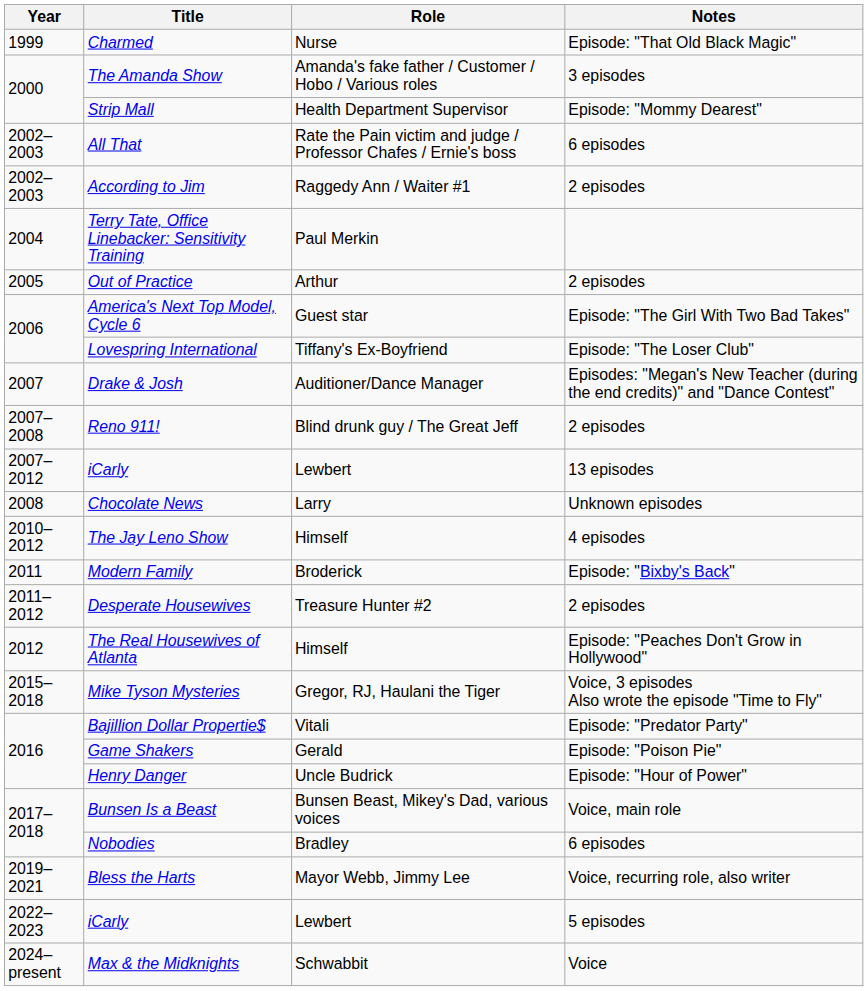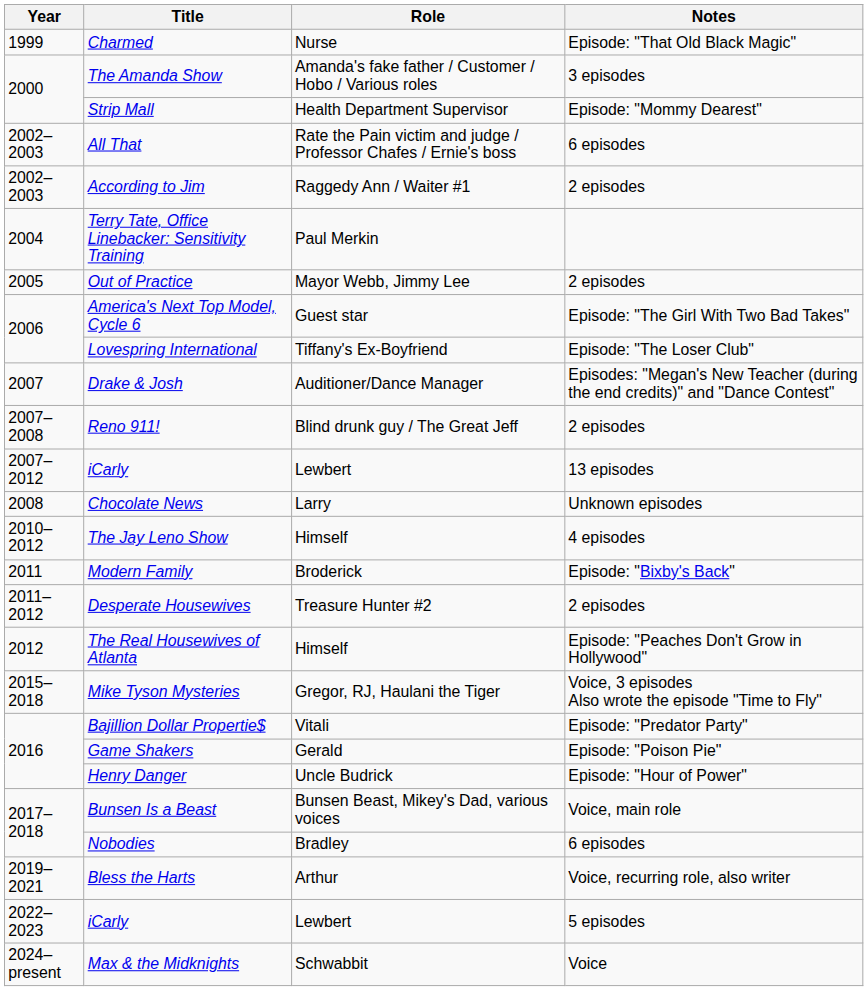 <table class="wikitable">
 <tr>
 <th>Year</th>
 <th>Title</th>
 <th>Role</th>
 <th>Notes</th>
 </tr>
 <tr>
 <td>1999</td>
 <td><em><a href='#'>Charmed</a></em></td>
 <td>Nurse</td>
 <td>Episode: "That Old Black Magic"</td>
 </tr>
 <tr>
 <td rowspan="2">2000</td>
 <td><em><a href='#'>The Amanda Show</a></em></td>
 <td>Amanda's fake father / Customer / Hobo / Various roles</td>
 <td>3 episodes</td>
 </tr>
 <tr>
 <td><em><a href='#'>Strip Mall</a></em></td>
 <td>Health Department Supervisor</td>
 <td>Episode: "Mommy Dearest"</td>
 </tr>
 <tr>
 <td>2002–2003</td>
 <td><em><a href='#'>All That</a></em></td>
 <td>Rate the Pain victim and judge / Professor Chafes / Ernie's boss</td>
 <td>6 episodes</td>
 </tr>
 <tr>
 <td>2002–2003</td>
 <td><em><a href='#'>According to Jim</a></em></td>
 <td>Raggedy Ann / Waiter #1</td>
 <td>2 episodes</td>
 </tr>
 <tr>
 <td>2004</td>
 <td><em><a href='#'>Terry Tate, Office Linebacker: Sensitivity Training</a></em></td>
 <td>Paul Merkin</td>
 <td></td>
 </tr>
 <tr>
 <td>2005</td>
 <td><em><a href='#'>Out of Practice</a></em></td>
-<td>Arthur</td>
+<td>Mayor Webb, Jimmy Lee</td>
 <td>2 episodes</td>
 </tr>
 <tr>
 <td rowspan="2">2006</td>
 <td><em><a href='#'>America's Next Top Model, Cycle 6</a></em></td>
 <td>Guest star</td>
 <td>Episode: "The Girl With Two Bad Takes"</td>
 </tr>
 <tr>
 <td><em><a href='#'>Lovespring International</a></em></td>
 <td>Tiffany's Ex-Boyfriend</td>
 <td>Episode: "The Loser Club"</td>
 </tr>
 <tr>
 <td>2007</td>
 <td><em><a href='#'>Drake & Josh</a></em></td>
 <td>Auditioner/Dance Manager</td>
 <td>Episodes: "Megan's New Teacher (during the end credits)" and "Dance Contest"</td>
 </tr>
 <tr>
 <td>2007–2008</td>
 <td><em><a href='#'>Reno 911!</a></em></td>
 <td>Blind drunk guy / The Great Jeff</td>
 <td>2 episodes</td>
 </tr>
 <tr>
 <td>2007–2012</td>
 <td><em><a href='#'>iCarly</a></em></td>
 <td>Lewbert</td>
 <td>13 episodes</td>
 </tr>
 <tr>
 <td>2008</td>
 <td><em><a href='#'>Chocolate News</a></em></td>
 <td>Larry</td>
 <td>Unknown episodes</td>
 </tr>
 <tr>
 <td>2010–2012</td>
 <td><em><a href='#'>The Jay Leno Show</a></em></td>
 <td>Himself</td>
 <td>4 episodes</td>
 </tr>
 <tr>
 <td>2011</td>
 <td><em><a href='#'>Modern Family</a></em></td>
 <td>Broderick</td>
 <td>Episode: "<a href='#'>Bixby's Back</a>"</td>
 </tr>
 <tr>
 <td>2011–2012</td>
 <td><em><a href='#'>Desperate Housewives</a></em></td>
 <td>Treasure Hunter #2</td>
 <td>2 episodes</td>
 </tr>
 <tr>
 <td>2012</td>
 <td><em><a href='#'>The Real Housewives of Atlanta</a></em></td>
 <td>Himself</td>
 <td>Episode: "Peaches Don't Grow in Hollywood"</td>
 </tr>
 <tr>
 <td>2015–2018</td>
 <td><em><a href='#'>Mike Tyson Mysteries</a></em></td>
 <td>Gregor, RJ, Haulani the Tiger</td>
 <td>Voice, 3 episodes<br>Also wrote the episode "Time to Fly"</td>
 </tr>
 <tr>
 <td rowspan="3">2016</td>
 <td><em><a href='#'>Bajillion Dollar Propertie$</a></em></td>
 <td>Vitali</td>
 <td>Episode: "Predator Party"</td>
 </tr>
 <tr>
 <td><em><a href='#'>Game Shakers</a></em></td>
 <td>Gerald</td>
 <td>Episode: "Poison Pie"</td>
 </tr>
 <tr>
 <td><em><a href='#'>Henry Danger</a></em></td>
 <td>Uncle Budrick</td>
 <td>Episode: "Hour of Power"</td>
 </tr>
 <tr>
 <td rowspan="2">2017–2018</td>
 <td><em><a href='#'>Bunsen Is a Beast</a></em></td>
 <td>Bunsen Beast, Mikey's Dad, various voices</td>
 <td>Voice, main role</td>
 </tr>
 <tr>
 <td><em><a href='#'>Nobodies</a></em></td>
 <td>Bradley</td>
 <td>6 episodes</td>
 </tr>
 <tr>
 <td>2019–2021</td>
 <td><em><a href='#'>Bless the Harts</a></em></td>
-<td>Mayor Webb, Jimmy Lee</td>
+<td>Arthur</td>
 <td>Voice, recurring role, also writer</td>
 </tr>
 <tr>
 <td>2022–2023</td>
 <td><em><a href='#'>iCarly</a></em></td>
 <td>Lewbert</td>
 <td>5 episodes</td>
 </tr>
 <tr>
 <td>2024–present</td>
 <td><em><a href='#'>Max & the Midknights</a></em></td>
 <td>Schwabbit</td>
 <td>Voice</td>
 </tr>
 </table>
